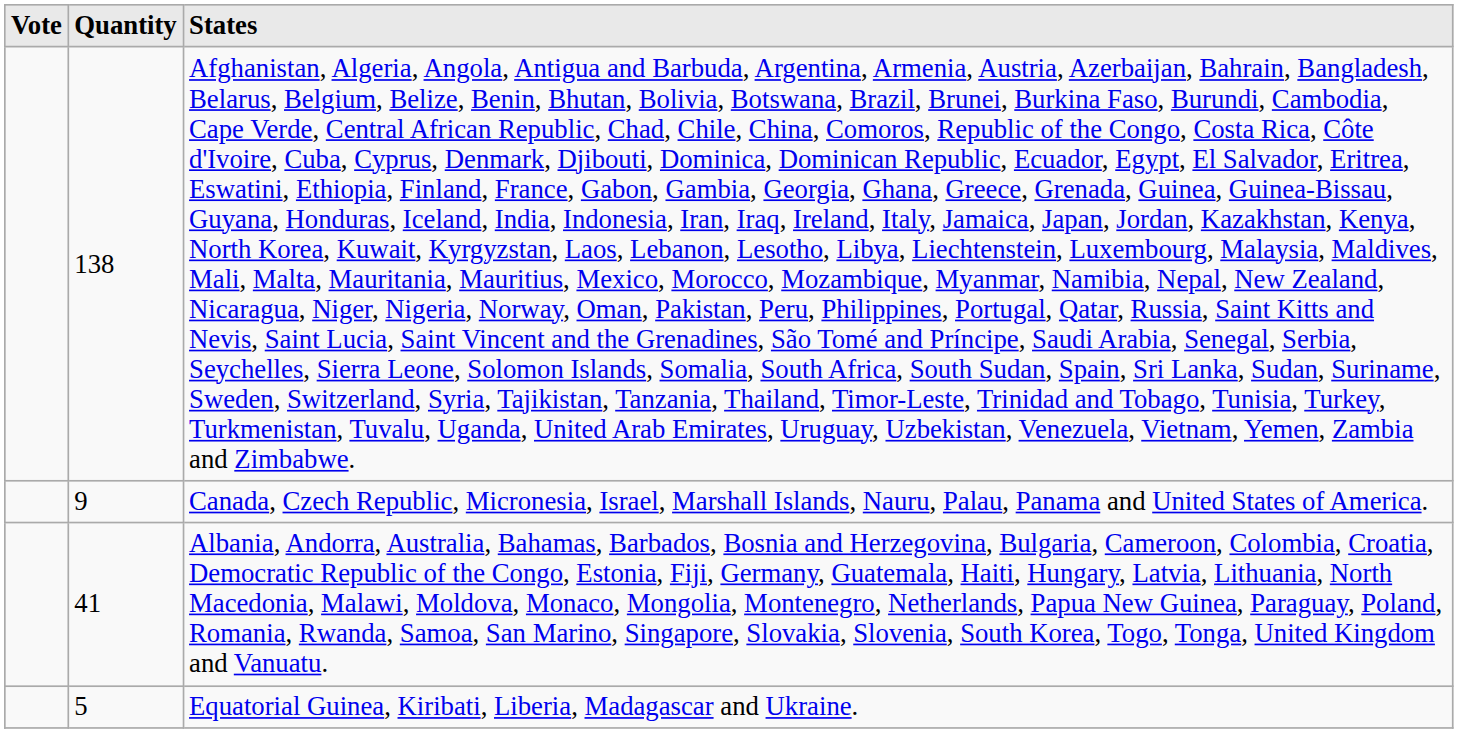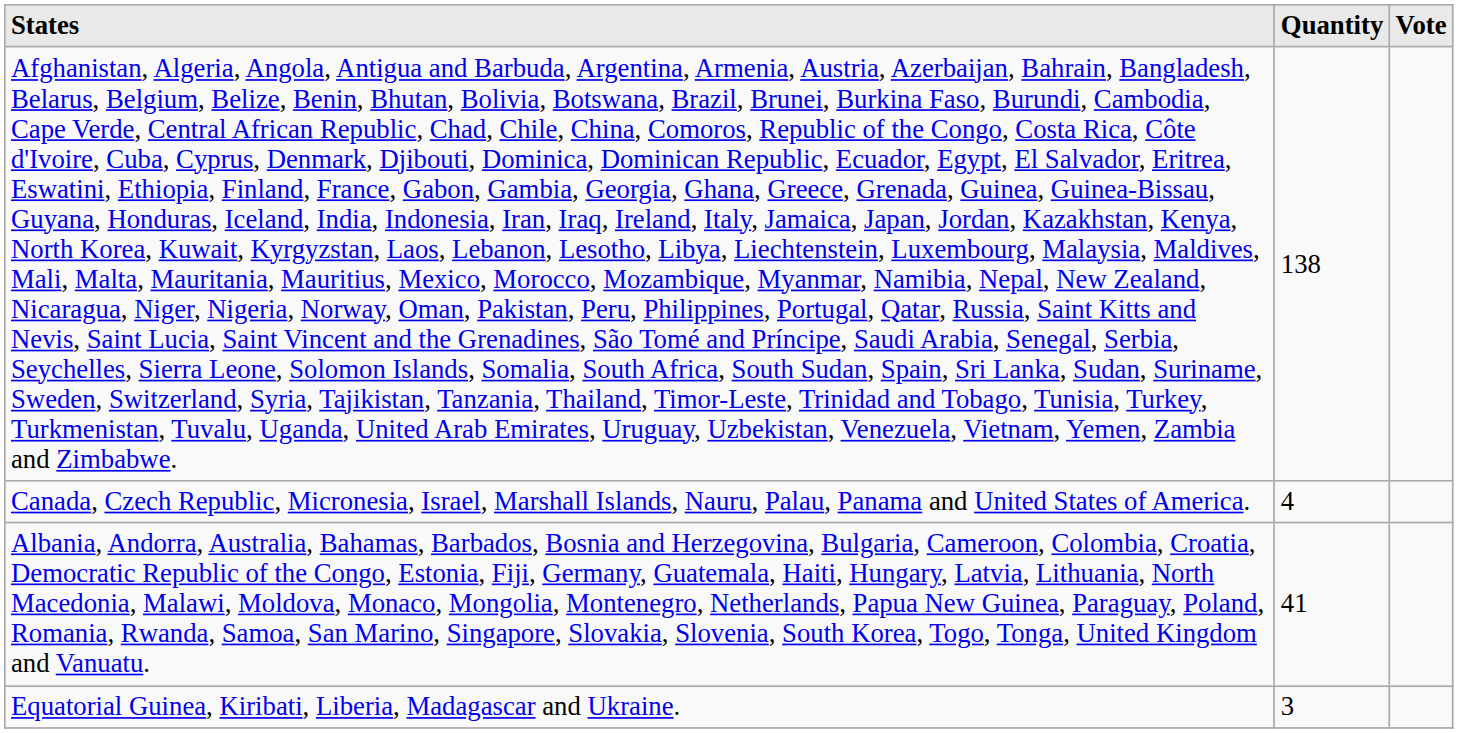 <table class="wikitable">
 <tr>
+<th style="text-align:left; background:#e9e9e9; vertical-align:top;">States</th>
+<th style="background:#e9e9e9; text-align:center;">Quantity</th>
 <th style="background:#e9e9e9; text-align:center;">Vote</th>
-<th style="background:#e9e9e9; text-align:center;">Quantity</th>
-<th style="text-align:left; background:#e9e9e9; vertical-align:top;">States</th>
 </tr>
 <tr>
+<td><a href='#'>Afghanistan</a>, <a href='#'>Algeria</a>, <a href='#'>Angola</a>, <a href='#'>Antigua and Barbuda</a>, <a href='#'>Argentina</a>, <a href='#'>Armenia</a>, <a href='#'>Austria</a>, <a href='#'>Azerbaijan</a>, <a href='#'>Bahrain</a>, <a href='#'>Bangladesh</a>, <a href='#'>Belarus</a>, <a href='#'>Belgium</a>, <a href='#'>Belize</a>, <a href='#'>Benin</a>, <a href='#'>Bhutan</a>, <a href='#'>Bolivia</a>, <a href='#'>Botswana</a>, <a href='#'>Brazil</a>, <a href='#'>Brunei</a>, <a href='#'>Burkina Faso</a>, <a href='#'>Burundi</a>, <a href='#'>Cambodia</a>, <a href='#'>Cape Verde</a>, <a href='#'>Central African Republic</a>, <a href='#'>Chad</a>, <a href='#'>Chile</a>, <a href='#'>China</a>, <a href='#'>Comoros</a>, <a href='#'>Republic of the Congo</a>, <a href='#'>Costa Rica</a>, <a href='#'>Côte d'Ivoire</a>, <a href='#'>Cuba</a>, <a href='#'>Cyprus</a>, <a href='#'>Denmark</a>, <a href='#'>Djibouti</a>, <a href='#'>Dominica</a>, <a href='#'>Dominican Republic</a>, <a href='#'>Ecuador</a>, <a href='#'>Egypt</a>, <a href='#'>El Salvador</a>, <a href='#'>Eritrea</a>, <a href='#'>Eswatini</a>, <a href='#'>Ethiopia</a>, <a href='#'>Finland</a>, <a href='#'>France</a>, <a href='#'>Gabon</a>, <a href='#'>Gambia</a>, <a href='#'>Georgia</a>, <a href='#'>Ghana</a>, <a href='#'>Greece</a>, <a href='#'>Grenada</a>, <a href='#'>Guinea</a>, <a href='#'>Guinea-Bissau</a>, <a href='#'>Guyana</a>, <a href='#'>Honduras</a>, <a href='#'>Iceland</a>, <a href='#'>India</a>, <a href='#'>Indonesia</a>, <a href='#'>Iran</a>, <a href='#'>Iraq</a>, <a href='#'>Ireland</a>, <a href='#'>Italy</a>, <a href='#'>Jamaica</a>, <a href='#'>Japan</a>, <a href='#'>Jordan</a>, <a href='#'>Kazakhstan</a>, <a href='#'>Kenya</a>, <a href='#'>North Korea</a>, <a href='#'>Kuwait</a>, <a href='#'>Kyrgyzstan</a>, <a href='#'>Laos</a>, <a href='#'>Lebanon</a>, <a href='#'>Lesotho</a>, <a href='#'>Libya</a>, <a href='#'>Liechtenstein</a>, <a href='#'>Luxembourg</a>, <a href='#'>Malaysia</a>, <a href='#'>Maldives</a>, <a href='#'>Mali</a>, <a href='#'>Malta</a>, <a href='#'>Mauritania</a>, <a href='#'>Mauritius</a>, <a href='#'>Mexico</a>, <a href='#'>Morocco</a>, <a href='#'>Mozambique</a>, <a href='#'>Myanmar</a>, <a href='#'>Namibia</a>, <a href='#'>Nepal</a>, <a href='#'>New Zealand</a>, <a href='#'>Nicaragua</a>, <a href='#'>Niger</a>, <a href='#'>Nigeria</a>, <a href='#'>Norway</a>, <a href='#'>Oman</a>, <a href='#'>Pakistan</a>, <a href='#'>Peru</a>, <a href='#'>Philippines</a>, <a href='#'>Portugal</a>, <a href='#'>Qatar</a>, <a href='#'>Russia</a>, <a href='#'>Saint Kitts and Nevis</a>, <a href='#'>Saint Lucia</a>, <a href='#'>Saint Vincent and the Grenadines</a>, <a href='#'>São Tomé and Príncipe</a>, <a href='#'>Saudi Arabia</a>, <a href='#'>Senegal</a>, <a href='#'>Serbia</a>, <a href='#'>Seychelles</a>, <a href='#'>Sierra Leone</a>, <a href='#'>Solomon Islands</a>, <a href='#'>Somalia</a>, <a href='#'>South Africa</a>, <a href='#'>South Sudan</a>, <a href='#'>Spain</a>, <a href='#'>Sri Lanka</a>, <a href='#'>Sudan</a>, <a href='#'>Suriname</a>, <a href='#'>Sweden</a>, <a href='#'>Switzerland</a>, <a href='#'>Syria</a>, <a href='#'>Tajikistan</a>, <a href='#'>Tanzania</a>, <a href='#'>Thailand</a>, <a href='#'>Timor-Leste</a>, <a href='#'>Trinidad and Tobago</a>, <a href='#'>Tunisia</a>, <a href='#'>Turkey</a>, <a href='#'>Turkmenistan</a>, <a href='#'>Tuvalu</a>, <a href='#'>Uganda</a>, <a href='#'>United Arab Emirates</a>, <a href='#'>Uruguay</a>, <a href='#'>Uzbekistan</a>, <a href='#'>Venezuela</a>, <a href='#'>Vietnam</a>, <a href='#'>Yemen</a>, <a href='#'>Zambia</a> and <a href='#'>Zimbabwe</a>.</td>
+<td>138</td>
 <td></td>
-<td>138</td>
-<td><a href='#'>Afghanistan</a>, <a href='#'>Algeria</a>, <a href='#'>Angola</a>, <a href='#'>Antigua and Barbuda</a>, <a href='#'>Argentina</a>, <a href='#'>Armenia</a>, <a href='#'>Austria</a>, <a href='#'>Azerbaijan</a>, <a href='#'>Bahrain</a>, <a href='#'>Bangladesh</a>, <a href='#'>Belarus</a>, <a href='#'>Belgium</a>, <a href='#'>Belize</a>, <a href='#'>Benin</a>, <a href='#'>Bhutan</a>, <a href='#'>Bolivia</a>, <a href='#'>Botswana</a>, <a href='#'>Brazil</a>, <a href='#'>Brunei</a>, <a href='#'>Burkina Faso</a>, <a href='#'>Burundi</a>, <a href='#'>Cambodia</a>, <a href='#'>Cape Verde</a>, <a href='#'>Central African Republic</a>, <a href='#'>Chad</a>, <a href='#'>Chile</a>, <a href='#'>China</a>, <a href='#'>Comoros</a>, <a href='#'>Republic of the Congo</a>, <a href='#'>Costa Rica</a>, <a href='#'>Côte d'Ivoire</a>, <a href='#'>Cuba</a>, <a href='#'>Cyprus</a>, <a href='#'>Denmark</a>, <a href='#'>Djibouti</a>, <a href='#'>Dominica</a>, <a href='#'>Dominican Republic</a>, <a href='#'>Ecuador</a>, <a href='#'>Egypt</a>, <a href='#'>El Salvador</a>, <a href='#'>Eritrea</a>, <a href='#'>Eswatini</a>, <a href='#'>Ethiopia</a>, <a href='#'>Finland</a>, <a href='#'>France</a>, <a href='#'>Gabon</a>, <a href='#'>Gambia</a>, <a href='#'>Georgia</a>, <a href='#'>Ghana</a>, <a href='#'>Greece</a>, <a href='#'>Grenada</a>, <a href='#'>Guinea</a>, <a href='#'>Guinea-Bissau</a>, <a href='#'>Guyana</a>, <a href='#'>Honduras</a>, <a href='#'>Iceland</a>, <a href='#'>India</a>, <a href='#'>Indonesia</a>, <a href='#'>Iran</a>, <a href='#'>Iraq</a>, <a href='#'>Ireland</a>, <a href='#'>Italy</a>, <a href='#'>Jamaica</a>, <a href='#'>Japan</a>, <a href='#'>Jordan</a>, <a href='#'>Kazakhstan</a>, <a href='#'>Kenya</a>, <a href='#'>North Korea</a>, <a href='#'>Kuwait</a>, <a href='#'>Kyrgyzstan</a>, <a href='#'>Laos</a>, <a href='#'>Lebanon</a>, <a href='#'>Lesotho</a>, <a href='#'>Libya</a>, <a href='#'>Liechtenstein</a>, <a href='#'>Luxembourg</a>, <a href='#'>Malaysia</a>, <a href='#'>Maldives</a>, <a href='#'>Mali</a>, <a href='#'>Malta</a>, <a href='#'>Mauritania</a>, <a href='#'>Mauritius</a>, <a href='#'>Mexico</a>, <a href='#'>Morocco</a>, <a href='#'>Mozambique</a>, <a href='#'>Myanmar</a>, <a href='#'>Namibia</a>, <a href='#'>Nepal</a>, <a href='#'>New Zealand</a>, <a href='#'>Nicaragua</a>, <a href='#'>Niger</a>, <a href='#'>Nigeria</a>, <a href='#'>Norway</a>, <a href='#'>Oman</a>, <a href='#'>Pakistan</a>, <a href='#'>Peru</a>, <a href='#'>Philippines</a>, <a href='#'>Portugal</a>, <a href='#'>Qatar</a>, <a href='#'>Russia</a>, <a href='#'>Saint Kitts and Nevis</a>, <a href='#'>Saint Lucia</a>, <a href='#'>Saint Vincent and the Grenadines</a>, <a href='#'>São Tomé and Príncipe</a>, <a href='#'>Saudi Arabia</a>, <a href='#'>Senegal</a>, <a href='#'>Serbia</a>, <a href='#'>Seychelles</a>, <a href='#'>Sierra Leone</a>, <a href='#'>Solomon Islands</a>, <a href='#'>Somalia</a>, <a href='#'>South Africa</a>, <a href='#'>South Sudan</a>, <a href='#'>Spain</a>, <a href='#'>Sri Lanka</a>, <a href='#'>Sudan</a>, <a href='#'>Suriname</a>, <a href='#'>Sweden</a>, <a href='#'>Switzerland</a>, <a href='#'>Syria</a>, <a href='#'>Tajikistan</a>, <a href='#'>Tanzania</a>, <a href='#'>Thailand</a>, <a href='#'>Timor-Leste</a>, <a href='#'>Trinidad and Tobago</a>, <a href='#'>Tunisia</a>, <a href='#'>Turkey</a>, <a href='#'>Turkmenistan</a>, <a href='#'>Tuvalu</a>, <a href='#'>Uganda</a>, <a href='#'>United Arab Emirates</a>, <a href='#'>Uruguay</a>, <a href='#'>Uzbekistan</a>, <a href='#'>Venezuela</a>, <a href='#'>Vietnam</a>, <a href='#'>Yemen</a>, <a href='#'>Zambia</a> and <a href='#'>Zimbabwe</a>.</td>
 </tr>
 <tr>
+<td><a href='#'>Canada</a>, <a href='#'>Czech Republic</a>, <a href='#'>Micronesia</a>, <a href='#'>Israel</a>, <a href='#'>Marshall Islands</a>, <a href='#'>Nauru</a>, <a href='#'>Palau</a>, <a href='#'>Panama</a> and <a href='#'>United States of America</a>.</td>
+<td>4</td>
 <td></td>
-<td>9</td>
-<td><a href='#'>Canada</a>, <a href='#'>Czech Republic</a>, <a href='#'>Micronesia</a>, <a href='#'>Israel</a>, <a href='#'>Marshall Islands</a>, <a href='#'>Nauru</a>, <a href='#'>Palau</a>, <a href='#'>Panama</a> and <a href='#'>United States of America</a>.</td>
 </tr>
 <tr>
+<td><a href='#'>Albania</a>, <a href='#'>Andorra</a>, <a href='#'>Australia</a>, <a href='#'>Bahamas</a>, <a href='#'>Barbados</a>, <a href='#'>Bosnia and Herzegovina</a>, <a href='#'>Bulgaria</a>, <a href='#'>Cameroon</a>, <a href='#'>Colombia</a>, <a href='#'>Croatia</a>, <a href='#'>Democratic Republic of the Congo</a>, <a href='#'>Estonia</a>, <a href='#'>Fiji</a>, <a href='#'>Germany</a>, <a href='#'>Guatemala</a>, <a href='#'>Haiti</a>, <a href='#'>Hungary</a>, <a href='#'>Latvia</a>, <a href='#'>Lithuania</a>, <a href='#'>North Macedonia</a>, <a href='#'>Malawi</a>, <a href='#'>Moldova</a>, <a href='#'>Monaco</a>, <a href='#'>Mongolia</a>, <a href='#'>Montenegro</a>, <a href='#'>Netherlands</a>, <a href='#'>Papua New Guinea</a>, <a href='#'>Paraguay</a>, <a href='#'>Poland</a>, <a href='#'>Romania</a>, <a href='#'>Rwanda</a>, <a href='#'>Samoa</a>, <a href='#'>San Marino</a>, <a href='#'>Singapore</a>, <a href='#'>Slovakia</a>, <a href='#'>Slovenia</a>, <a href='#'>South Korea</a>, <a href='#'>Togo</a>, <a href='#'>Tonga</a>, <a href='#'>United Kingdom</a> and <a href='#'>Vanuatu</a>.</td>
+<td>41</td>
 <td></td>
-<td>41</td>
-<td><a href='#'>Albania</a>, <a href='#'>Andorra</a>, <a href='#'>Australia</a>, <a href='#'>Bahamas</a>, <a href='#'>Barbados</a>, <a href='#'>Bosnia and Herzegovina</a>, <a href='#'>Bulgaria</a>, <a href='#'>Cameroon</a>, <a href='#'>Colombia</a>, <a href='#'>Croatia</a>, <a href='#'>Democratic Republic of the Congo</a>, <a href='#'>Estonia</a>, <a href='#'>Fiji</a>, <a href='#'>Germany</a>, <a href='#'>Guatemala</a>, <a href='#'>Haiti</a>, <a href='#'>Hungary</a>, <a href='#'>Latvia</a>, <a href='#'>Lithuania</a>, <a href='#'>North Macedonia</a>, <a href='#'>Malawi</a>, <a href='#'>Moldova</a>, <a href='#'>Monaco</a>, <a href='#'>Mongolia</a>, <a href='#'>Montenegro</a>, <a href='#'>Netherlands</a>, <a href='#'>Papua New Guinea</a>, <a href='#'>Paraguay</a>, <a href='#'>Poland</a>, <a href='#'>Romania</a>, <a href='#'>Rwanda</a>, <a href='#'>Samoa</a>, <a href='#'>San Marino</a>, <a href='#'>Singapore</a>, <a href='#'>Slovakia</a>, <a href='#'>Slovenia</a>, <a href='#'>South Korea</a>, <a href='#'>Togo</a>, <a href='#'>Tonga</a>, <a href='#'>United Kingdom</a> and <a href='#'>Vanuatu</a>.</td>
 </tr>
 <tr>
+<td><a href='#'>Equatorial Guinea</a>, <a href='#'>Kiribati</a>, <a href='#'>Liberia</a>, <a href='#'>Madagascar</a> and <a href='#'>Ukraine</a>.</td>
+<td>3</td>
 <td></td>
-<td>5</td>
-<td><a href='#'>Equatorial Guinea</a>, <a href='#'>Kiribati</a>, <a href='#'>Liberia</a>, <a href='#'>Madagascar</a> and <a href='#'>Ukraine</a>.</td>
 </tr>
 </table>
